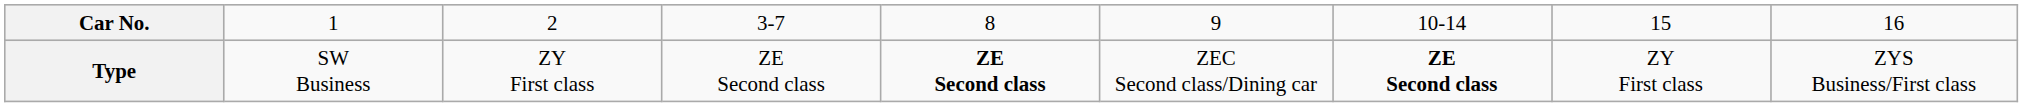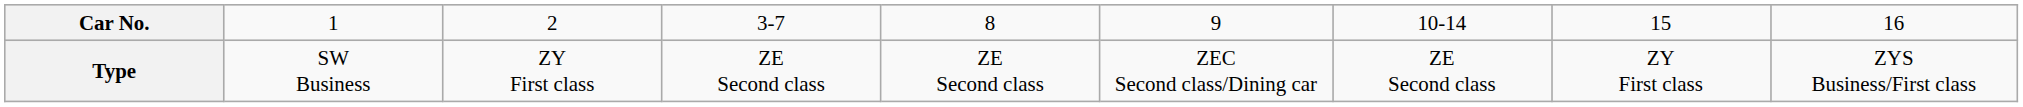 <table class="wikitable" style="text-align: center; font-size: small;">
 <tr>
 <th>Car No.</th>
 <td>1</td>
 <td>2</td>
 <td>3-7</td>
 <td>8</td>
 <td>9</td>
 <td>10-14</td>
 <td>15</td>
 <td>16</td>
 </tr>
 <tr>
 <th style="width: 5%;">Type</th>
 <td style="width: 5%;">SW<br>Business</td>
 <td style="width: 5%;">ZY<br>First class</td>
 <td style="width: 5%;">ZE<br>Second class</td>
-<td style="width: 5%;"><strong>ZE<br>Second class </strong></td>
+<td style="width: 5%;">ZE<br>Second class </td>
 <td style="width: 5%;">ZEC<br>Second class/Dining car</td>
-<td style="width: 5%;"><strong>ZE<br>Second class</strong></td>
+<td style="width: 5%;">ZE<br>Second class</td>
 <td style="width: 5%;">ZY<br>First class</td>
 <td style="width: 5%;">ZYS<br>Business/First class</td>
 </tr>
 </table>
